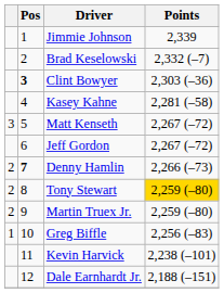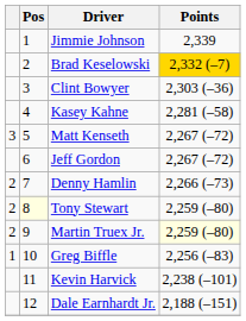 <table class="sortable wikitable " style="font-size: 95%;">
 <tr>
 <th></th>
 <th>Pos</th>
 <th>Driver</th>
 <th>Points</th>
 </tr>
 <tr>
 <td align="left"></td>
 <td>1</td>
 <td><a href='#'>Jimmie Johnson</a></td>
 <td style="text-align:center;">2,339</td>
 </tr>
 <tr>
 <td align="left"></td>
 <td>2</td>
 <td><a href='#'>Brad Keselowski</a></td>
-<td style="text-align:center;">2,332 (–7)</td>
+<td style="background: gold; text-align:center;">2,332 (–7)</td>
 </tr>
 <tr>
 <td align="left"></td>
-<td><strong>3</strong></td>
+<td>3</td>
 <td><a href='#'>Clint Bowyer</a></td>
 <td style="text-align:center;">2,303 (–36)</td>
 </tr>
 <tr>
 <td align="left"></td>
 <td>4</td>
 <td><a href='#'>Kasey Kahne</a></td>
 <td style="text-align:center;">2,281 (–58)</td>
 </tr>
 <tr>
 <td align="left"> 3</td>
 <td>5</td>
 <td><a href='#'>Matt Kenseth</a></td>
 <td style="text-align:center;">2,267 (–72)</td>
 </tr>
 <tr>
 <td align="left"></td>
 <td>6</td>
 <td><a href='#'>Jeff Gordon</a></td>
 <td style="text-align:center;">2,267 (–72)</td>
 </tr>
 <tr>
 <td align="left"> 2</td>
-<td><strong>7</strong></td>
+<td>7</td>
 <td><a href='#'>Denny Hamlin</a></td>
 <td style="text-align:center;">2,266 (–73)</td>
 </tr>
 <tr>
 <td align="left"> 2</td>
-<td>8</td>
+<td style="background: lightyellow;">8</td>
 <td><a href='#'>Tony Stewart</a></td>
-<td style="background: gold; text-align:center;">2,259 (–80)</td>
+<td style="text-align:center;">2,259 (–80)</td>
 </tr>
 <tr>
 <td align="left"> 2</td>
 <td>9</td>
 <td><a href='#'>Martin Truex Jr.</a></td>
-<td style="text-align:center;">2,259 (–80)</td>
+<td style="background: lightyellow; text-align:center;">2,259 (–80)</td>
 </tr>
 <tr>
 <td align="left"> 1</td>
 <td>10</td>
 <td><a href='#'>Greg Biffle</a></td>
 <td style="text-align:center;">2,256 (–83)</td>
 </tr>
 <tr>
 <td align="left"></td>
 <td>11</td>
 <td><a href='#'>Kevin Harvick</a></td>
 <td style="text-align:center;">2,238 (–101)</td>
 </tr>
 <tr>
 <td align="left"></td>
 <td>12</td>
 <td><a href='#'>Dale Earnhardt Jr.</a></td>
 <td style="text-align:center;">2,188 (–151)</td>
 </tr>
 <tr>
 </tr>
 </table>
